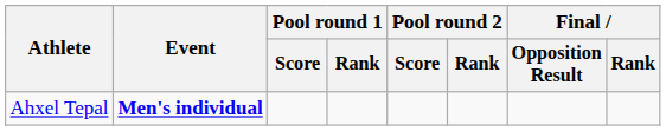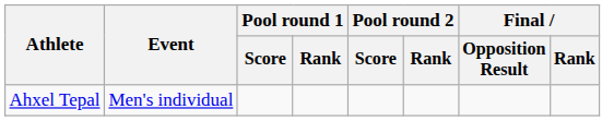 <table class=wikitable style=font-size:90%;text-align:center>
 <tr>
 <th rowspan=2>Athlete</th>
 <th rowspan=2>Event</th>
 <th colspan=2>Pool round 1</th>
 <th colspan=2>Pool round 2</th>
 <th colspan=2>Final / </th>
 </tr>
 <tr style=font-size:95%>
 <th>Score</th>
 <th>Rank</th>
 <th>Score</th>
 <th>Rank</th>
 <th>Opposition<br>Result</th>
 <th>Rank</th>
 </tr>
 <tr>
 <td align=left><a href='#'>Ahxel Tepal</a></td>
-<td align=left><strong><a href='#'>Men's individual</a></strong></td>
+<td align=left><a href='#'>Men's individual</a></td>
 <td></td>
 <td></td>
 <td></td>
 <td></td>
 <td></td>
 <td></td>
 </tr>
 </table>
